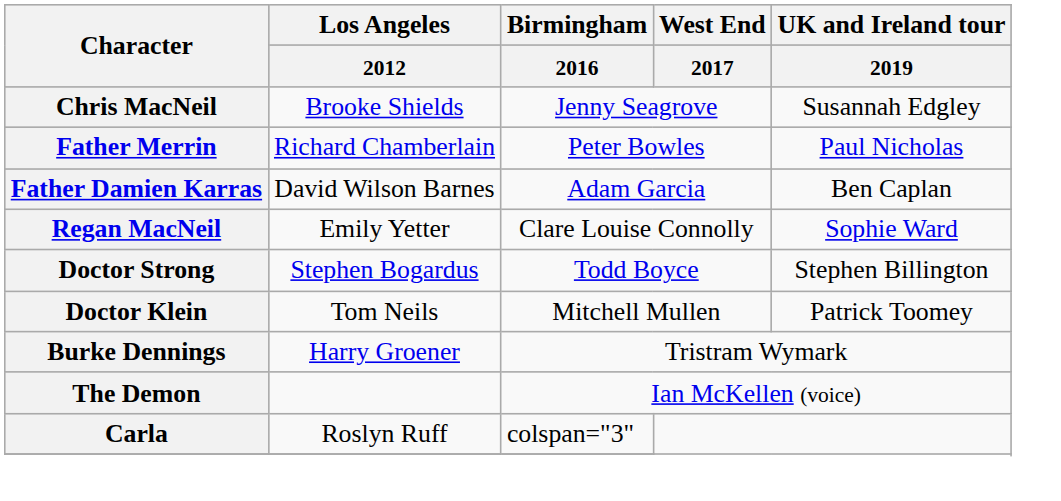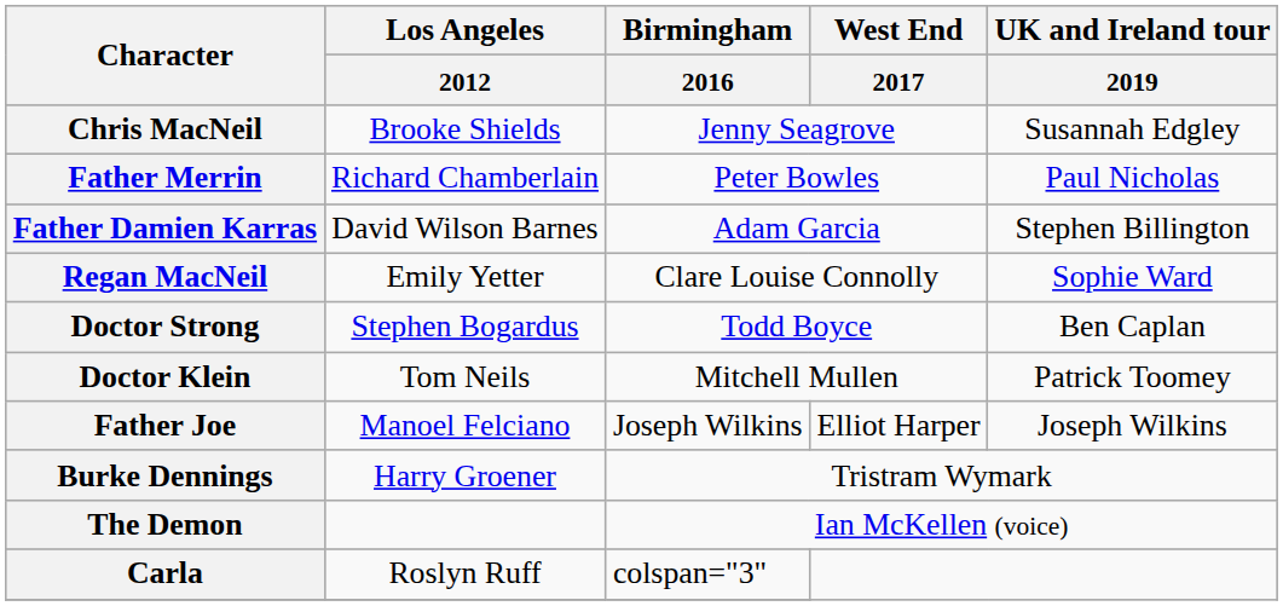 <table class="wikitable">
 <tr>
 <th rowspan="2" scope="col">Character</th>
 <th scope="col" class="unsortable">Los Angeles</th>
 <th scope="col" class="unsortable">Birmingham</th>
 <th scope="col" class="unsortable">West End</th>
 <th scope="col" class="unsortable">UK and Ireland tour</th>
 </tr>
 <tr>
 <th><small>2012</small></th>
 <th><small>2016</small></th>
 <th><small>2017</small></th>
 <th><small>2019</small></th>
 </tr>
 <tr>
 <th scope="row">Chris MacNeil</th>
 <td align="center"><a href='#'>Brooke Shields</a></td>
 <td colspan="2" align="center"><a href='#'>Jenny Seagrove</a></td>
 <td align="center">Susannah Edgley</td>
 </tr>
 <tr>
 <th scope="row"><a href='#'>Father Merrin</a></th>
 <td align="center"><a href='#'>Richard Chamberlain</a></td>
 <td colspan="2" align="center"><a href='#'>Peter Bowles</a></td>
 <td align="center"><a href='#'>Paul Nicholas</a></td>
 </tr>
 <tr>
 <th scope="row"><a href='#'>Father Damien Karras</a></th>
 <td align="center">David Wilson Barnes</td>
 <td colspan="2" align="center"><a href='#'>Adam Garcia</a></td>
-<td align="center">Ben Caplan</td>
+<td align="center">Stephen Billington</td>
 </tr>
 <tr>
 <th scope="row"><a href='#'>Regan MacNeil</a></th>
 <td align="center">Emily Yetter</td>
 <td colspan="2" align="center">Clare Louise Connolly</td>
 <td align="center"><a href='#'>Sophie Ward</a></td>
 </tr>
 <tr>
 <th scope="row">Doctor Strong</th>
 <td align="center"><a href='#'>Stephen Bogardus</a></td>
 <td colspan="2" align="center"><a href='#'>Todd Boyce</a></td>
-<td align="center">Stephen Billington</td>
+<td align="center">Ben Caplan</td>
 </tr>
 <tr>
 <th scope="row">Doctor Klein</th>
 <td align="center">Tom Neils</td>
 <td colspan="2" align="center">Mitchell Mullen</td>
 <td align="center">Patrick Toomey</td>
+</tr>
+<tr>
+<th scope="row">Father Joe</th>
+<td align="center"><a href='#'>Manoel Felciano</a></td>
+<td align="center">Joseph Wilkins</td>
+<td>Elliot Harper</td>
+<td align="center">Joseph Wilkins</td>
 </tr>
 <tr>
 <th scope="row">Burke Dennings</th>
 <td align="center"><a href='#'>Harry Groener</a></td>
 <td colspan="3" align="center">Tristram Wymark</td>
 </tr>
 <tr>
 <th>The Demon</th>
 <td></td>
 <td colspan="3" align="center"><a href='#'>Ian McKellen</a> <small>(voice)</small></td>
 </tr>
 <tr>
 <th>Carla</th>
 <td align="center">Roslyn Ruff</td>
 <td>colspan="3" </td>
 </tr>
 <tr>
 </tr>
 </table>
